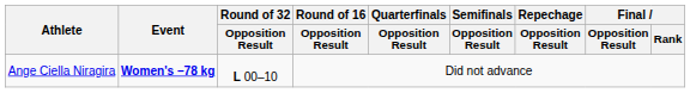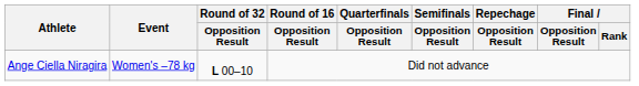 <table class="wikitable" style="font-size:90%">
 <tr>
 <th rowspan="2">Athlete</th>
 <th rowspan="2">Event</th>
 <th>Round of 32</th>
 <th>Round of 16</th>
 <th>Quarterfinals</th>
 <th>Semifinals</th>
 <th>Repechage</th>
 <th colspan=2>Final / </th>
 </tr>
 <tr style="font-size:95%">
 <th>Opposition<br>Result</th>
 <th>Opposition<br>Result</th>
 <th>Opposition<br>Result</th>
 <th>Opposition<br>Result</th>
 <th>Opposition<br>Result</th>
 <th>Opposition<br>Result</th>
 <th>Rank</th>
 </tr>
 <tr align=center>
 <td align=left><a href='#'>Ange Ciella Niragira</a></td>
-<td align=left><strong><a href='#'>Women's –78 kg</a></strong></td>
+<td align=left><a href='#'>Women's –78 kg</a></td>
 <td><br> <strong>L</strong> 00–10</td>
 <td colspan=6>Did not advance</td>
 </tr>
 </table>
